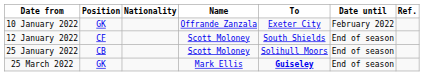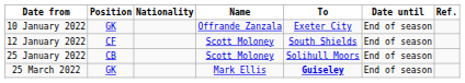 <table class="wikitable"  style="text-align:center; font-size:90%; ">
 <tr>
 <th style="background:white;">Date from</th>
 <th style="background:white;">Position</th>
 <th style="background:white;">Nationality</th>
 <th style="background:white;">Name</th>
 <th style="background:white;">To</th>
 <th style="background:white;">Date until</th>
 <th style="background:white;">Ref.</th>
 </tr>
 <tr>
 <td>10 January 2022</td>
 <td><a href='#'>GK</a></td>
 <td></td>
 <td><a href='#'>Offrande Zanzala</a></td>
 <td> <a href='#'>Exeter City</a></td>
-<td>February 2022</td>
+<td>End of season</td>
 <td></td>
 </tr>
 <tr>
 <td>12 January 2022</td>
 <td><a href='#'>CF</a></td>
 <td></td>
 <td><a href='#'>Scott Moloney</a></td>
 <td> <a href='#'>South Shields</a></td>
 <td>End of season</td>
 <td></td>
 </tr>
 <tr>
 <td>25 January 2022</td>
 <td><a href='#'>CB</a></td>
 <td></td>
 <td><a href='#'>Scott Moloney</a></td>
 <td> <a href='#'>Solihull Moors</a></td>
 <td>End of season</td>
 <td></td>
 </tr>
 <tr>
 <td>25 March 2022</td>
 <td><a href='#'>GK</a></td>
 <td></td>
 <td><a href='#'>Mark Ellis</a></td>
 <td><strong> <a href='#'>Guiseley</a></strong></td>
 <td>End of season</td>
 <td></td>
 </tr>
 </table>
